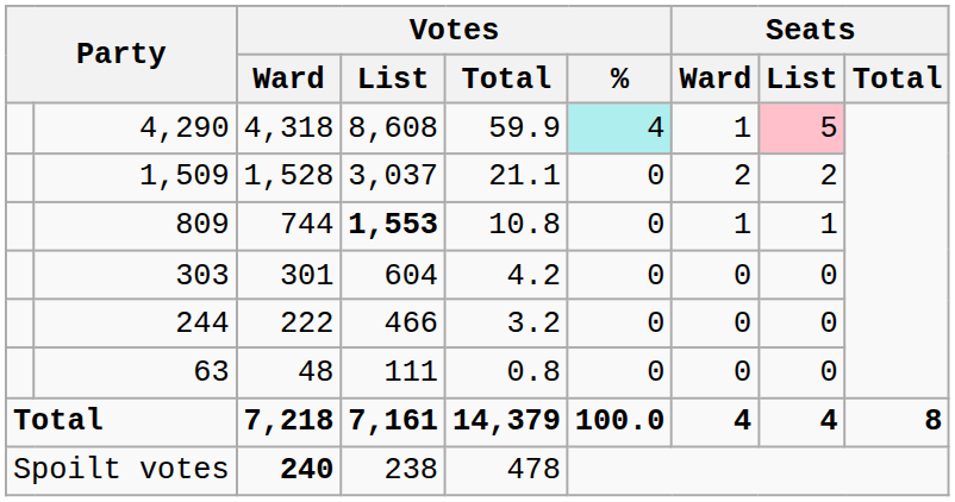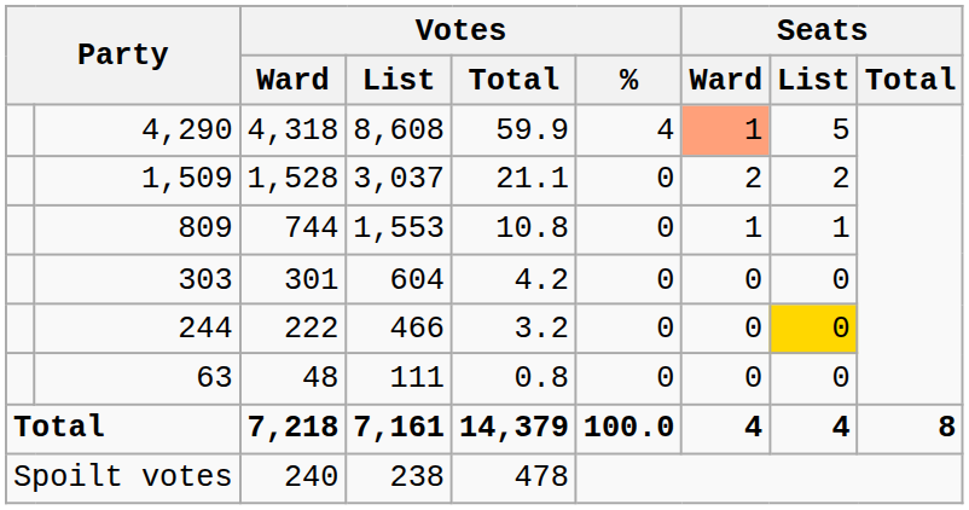 <table class=wikitable style="text-align:right">
 <tr>
 <th rowspan="2" colspan="2">Party</th>
 <th colspan="4" align="center">Votes</th>
 <th colspan="3" align="center">Seats</th>
 </tr>
 <tr>
 <th>Ward</th>
 <th>List</th>
 <th>Total</th>
 <th>%</th>
 <th>Ward</th>
 <th>List</th>
 <th>Total</th>
 </tr>
 <tr>
 <td></td>
 <td>4,290</td>
 <td>4,318</td>
 <td>8,608</td>
 <td>59.9</td>
-<td style="background: paleturquoise;">4</td>
-<td>1</td>
-<td style="background: pink;">5</td>
+<td>4</td>
+<td style="background: lightsalmon;">1</td>
+<td>5</td>
 </tr>
 <tr>
 <td></td>
 <td>1,509</td>
 <td>1,528</td>
 <td>3,037</td>
 <td>21.1</td>
 <td>0</td>
 <td>2</td>
 <td>2</td>
 </tr>
 <tr>
 <td></td>
 <td>809</td>
 <td>744</td>
-<td><strong>1,553</strong></td>
+<td>1,553</td>
 <td>10.8</td>
 <td>0</td>
 <td>1</td>
 <td>1</td>
 </tr>
 <tr>
 <td></td>
 <td>303</td>
 <td>301</td>
 <td>604</td>
 <td>4.2</td>
 <td>0</td>
 <td>0</td>
 <td>0</td>
 </tr>
 <tr>
 <td></td>
 <td>244</td>
 <td>222</td>
 <td>466</td>
 <td>3.2</td>
 <td>0</td>
 <td>0</td>
-<td>0</td>
+<td style="background: gold;">0</td>
 </tr>
 <tr>
 <td></td>
 <td>63</td>
 <td>48</td>
 <td>111</td>
 <td>0.8</td>
 <td>0</td>
 <td>0</td>
 <td>0</td>
 </tr>
 <tr>
 <td colspan="2" style="text-align:left"><strong>Total</strong></td>
 <td><strong>7,218</strong></td>
 <td><strong>7,161</strong></td>
 <td><strong>14,379</strong></td>
 <td><strong>100.0</strong></td>
 <td><strong>4</strong></td>
 <td><strong>4</strong></td>
 <td><strong>8</strong></td>
 </tr>
 <tr>
 <td colspan="2" style="text-align:left">Spoilt votes</td>
-<td><strong>240</strong></td>
+<td>240</td>
 <td>238</td>
 <td>478</td>
 </tr>
 </table>
